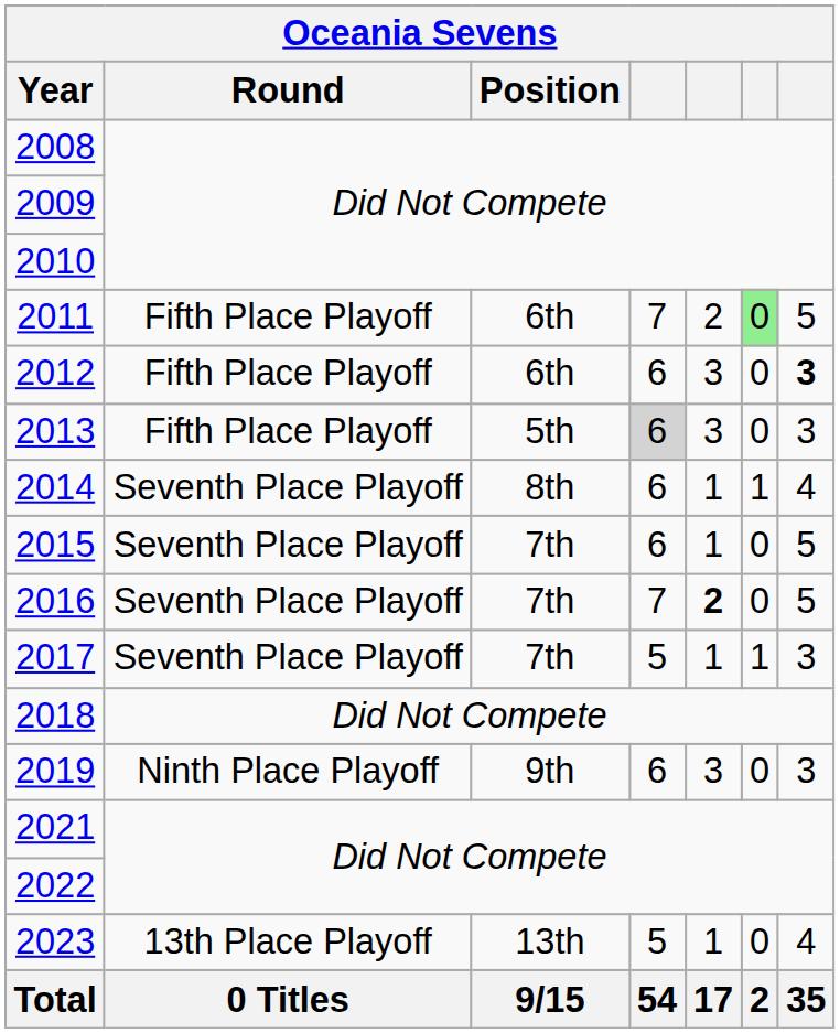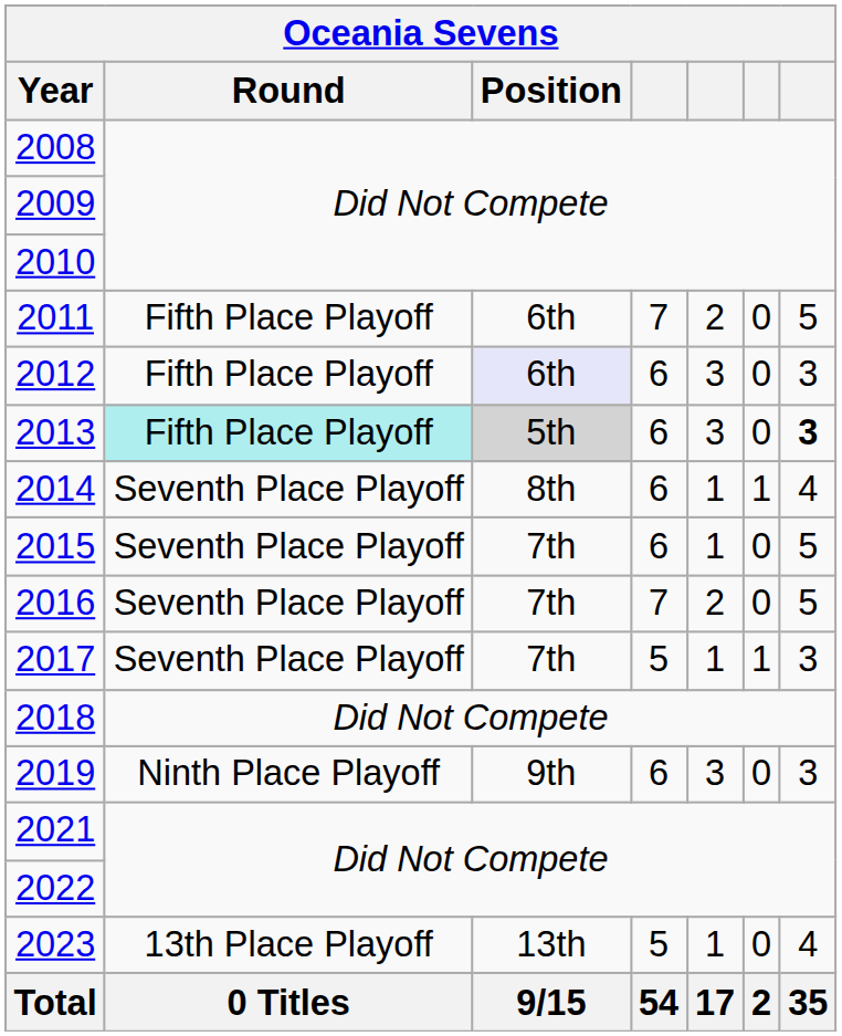 <table class="wikitable" style="text-align: center;">
 <tr>
 <th colspan="7"><a href='#'>Oceania Sevens</a></th>
 </tr>
 <tr>
 <th>Year</th>
 <th>Round</th>
 <th>Position</th>
 <th></th>
 <th></th>
 <th></th>
 <th></th>
 </tr>
 <tr>
 <td> <a href='#'>2008</a></td>
 <td colspan="6" rowspan="3"><em>Did Not Compete</em></td>
 </tr>
 <tr>
 <td> <a href='#'>2009</a></td>
 </tr>
 <tr>
 <td> <a href='#'>2010</a></td>
 </tr>
 <tr>
 <td> <a href='#'>2011</a></td>
 <td>Fifth Place Playoff</td>
 <td>6th</td>
 <td>7</td>
 <td>2</td>
-<td style="background: lightgreen;">0</td>
+<td>0</td>
 <td>5</td>
 </tr>
 <tr>
 <td> <a href='#'>2012</a></td>
 <td>Fifth Place Playoff</td>
-<td>6th</td>
+<td style="background: lavender;">6th</td>
+<td>6</td>
+<td>3</td>
+<td>0</td>
+<td>3</td>
+</tr>
+<tr>
+<td> <a href='#'>2013</a></td>
+<td style="background: paleturquoise;">Fifth Place Playoff</td>
+<td style="background: lightgrey;">5th</td>
 <td>6</td>
 <td>3</td>
 <td>0</td>
 <td><strong>3</strong></td>
-</tr>
-<tr>
-<td> <a href='#'>2013</a></td>
-<td>Fifth Place Playoff</td>
-<td>5th</td>
-<td style="background: lightgrey;">6</td>
-<td>3</td>
-<td>0</td>
-<td>3</td>
 </tr>
 <tr>
 <td> <a href='#'>2014</a></td>
 <td>Seventh Place Playoff</td>
 <td>8th</td>
 <td>6</td>
 <td>1</td>
 <td>1</td>
 <td>4</td>
 </tr>
 <tr>
 <td> <a href='#'>2015</a></td>
 <td>Seventh Place Playoff</td>
 <td>7th</td>
 <td>6</td>
 <td>1</td>
 <td>0</td>
 <td>5</td>
 </tr>
 <tr>
 <td> <a href='#'>2016</a></td>
 <td>Seventh Place Playoff</td>
 <td>7th</td>
 <td>7</td>
-<td><strong>2</strong></td>
+<td>2</td>
 <td>0</td>
 <td>5</td>
 </tr>
 <tr>
 <td> <a href='#'>2017</a></td>
 <td>Seventh Place Playoff</td>
 <td>7th</td>
 <td>5</td>
 <td>1</td>
 <td>1</td>
 <td>3</td>
 </tr>
 <tr>
 <td> <a href='#'>2018</a></td>
 <td colspan="6"><em>Did Not Compete</em></td>
 </tr>
 <tr>
 <td> <a href='#'>2019</a></td>
 <td>Ninth Place Playoff</td>
 <td>9th</td>
 <td>6</td>
 <td>3</td>
 <td>0</td>
 <td>3</td>
 </tr>
 <tr>
 <td> <a href='#'>2021</a></td>
 <td colspan="6" rowspan="2"><em>Did Not Compete</em></td>
 </tr>
 <tr>
 <td> <a href='#'>2022</a></td>
 </tr>
 <tr>
 <td> <a href='#'>2023</a></td>
 <td>13th Place Playoff</td>
 <td>13th</td>
 <td>5</td>
 <td>1</td>
 <td>0</td>
 <td>4</td>
 </tr>
 <tr>
 <th>Total</th>
 <th>0 Titles</th>
 <th>9/15</th>
 <th>54</th>
 <th>17</th>
 <th>2</th>
 <th>35</th>
 </tr>
 </table>
